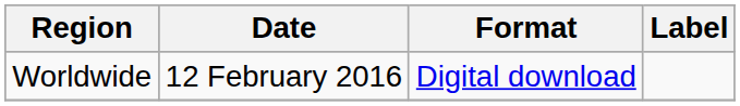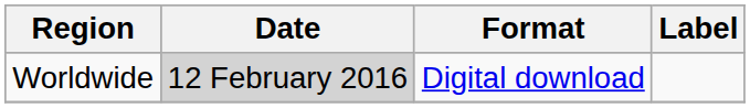 <table class=wikitable>
 <tr>
 <th>Region</th>
 <th>Date</th>
 <th>Format</th>
 <th>Label</th>
 </tr>
 <tr>
 <td>Worldwide</td>
-<td>12 February 2016</td>
+<td style="background: lightgrey;">12 February 2016</td>
 <td><a href='#'>Digital download</a></td>
 <td></td>
 </tr>
 <tr>
 </tr>
 </table>
